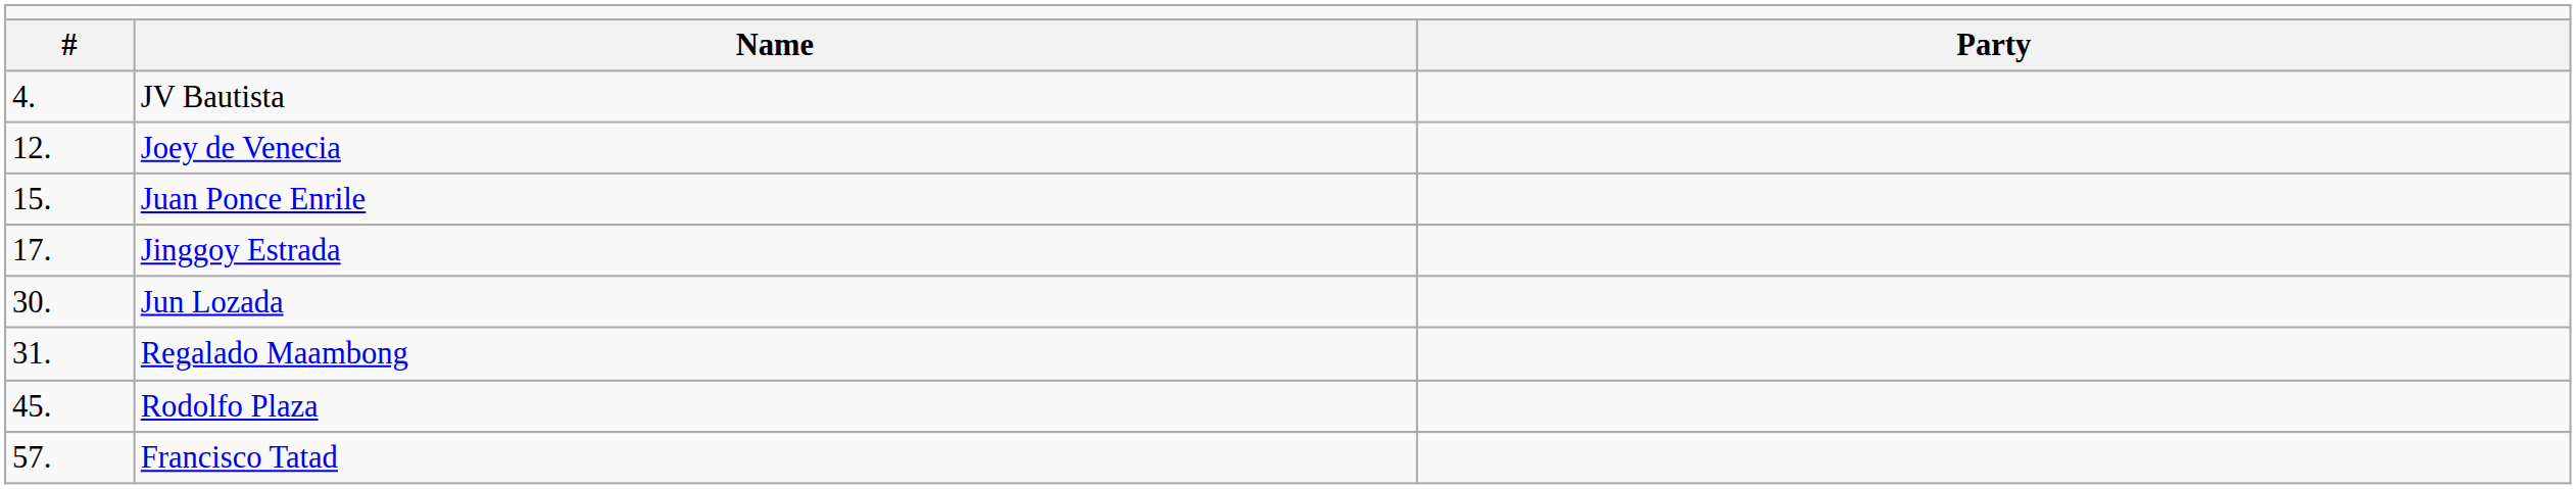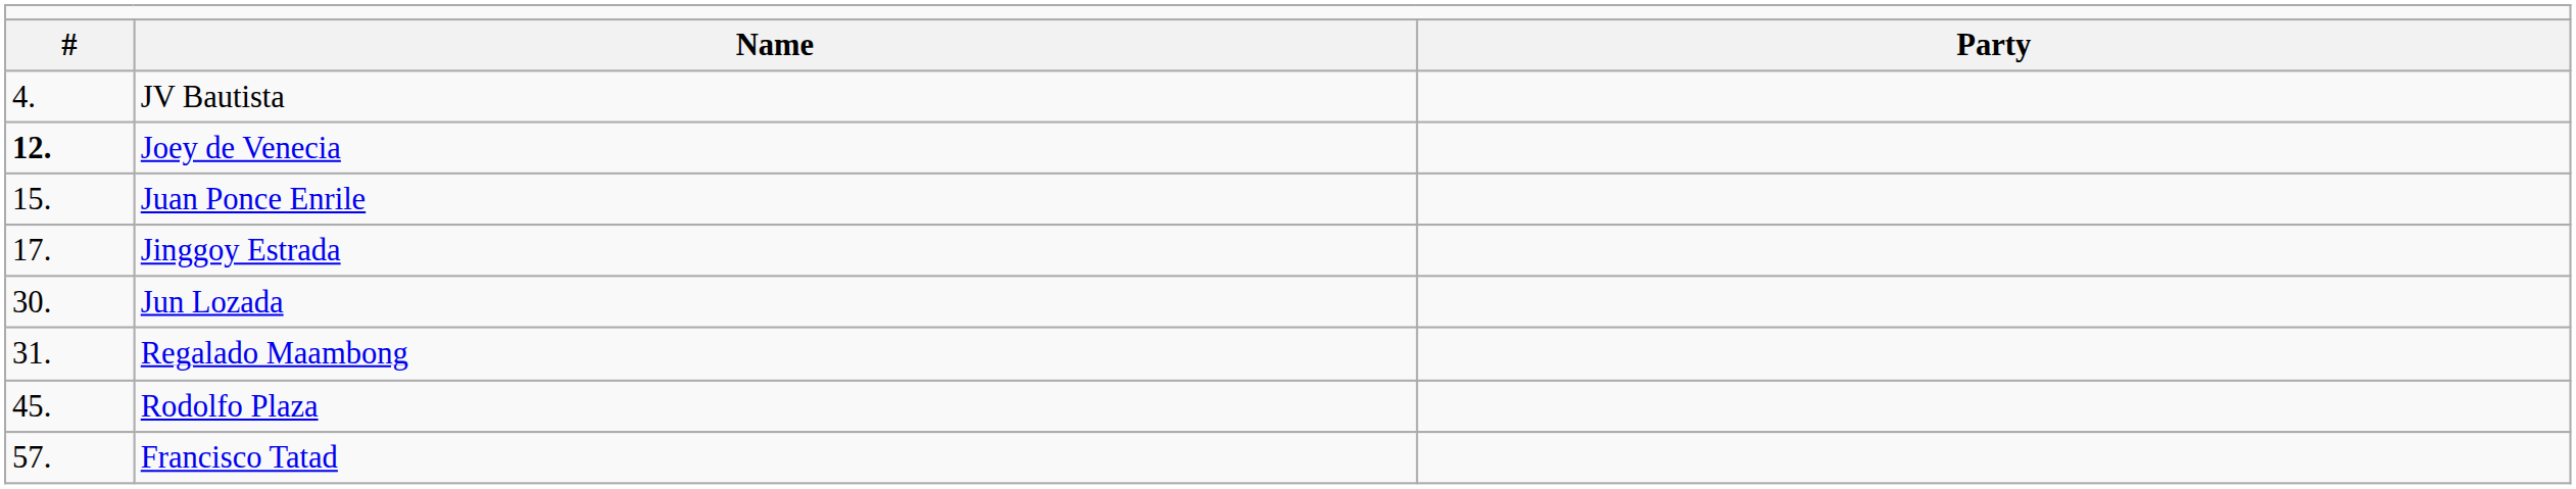 <table class=wikitable width=99% style="font-size:95%">
 <tr>
 <td colspan=4 bgcolor=></td>
 </tr>
 <tr>
 <th width=5%>#</th>
 <th width=50%>Name</th>
 <th colspan=2>Party</th>
 </tr>
 <tr>
 <td>4.</td>
 <td>JV Bautista</td>
 <td></td>
 </tr>
 <tr>
-<td>12.</td>
+<td><strong>12.</strong></td>
 <td><a href='#'>Joey de Venecia</a></td>
 <td></td>
 </tr>
 <tr>
 <td>15.</td>
 <td><a href='#'>Juan Ponce Enrile</a></td>
 <td></td>
 </tr>
 <tr>
 <td>17.</td>
 <td><a href='#'>Jinggoy Estrada</a></td>
 <td></td>
 </tr>
 <tr>
 <td>30.</td>
 <td><a href='#'>Jun Lozada</a></td>
 <td></td>
 </tr>
 <tr>
 <td>31.</td>
 <td><a href='#'>Regalado Maambong</a></td>
 <td></td>
 </tr>
 <tr>
 <td>45.</td>
 <td><a href='#'>Rodolfo Plaza</a></td>
 <td></td>
 </tr>
 <tr>
 <td>57.</td>
 <td><a href='#'>Francisco Tatad</a></td>
 <td></td>
 </tr>
 </table>
